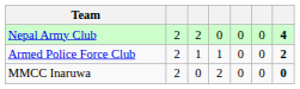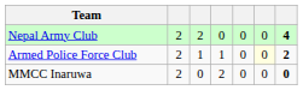 <table class="wikitable" style="text-align:center">
 <tr>
 <th style="width:200px">Team</th>
 <th width="20"></th>
 <th width="20"></th>
 <th width="20"></th>
 <th width="20"></th>
 <th width="20"></th>
 <th width="20"></th>
 </tr>
 <tr style="background:#cfc">
 <td style="text-align:left"><a href='#'>Nepal Army Club</a></td>
 <td>2</td>
 <td>2</td>
 <td>0</td>
 <td>0</td>
 <td>0</td>
 <td><strong>4</strong></td>
 </tr>
 <tr>
 <td style="text-align:left"><a href='#'>Armed Police Force Club</a></td>
 <td>2</td>
 <td>1</td>
 <td>1</td>
 <td>0</td>
-<td>0</td>
+<td style="background: lightyellow;">0</td>
 <td><strong>2</strong></td>
 </tr>
 <tr>
 <td style="text-align:left">MMCC Inaruwa</td>
 <td>2</td>
 <td>0</td>
 <td>2</td>
 <td>0</td>
 <td>0</td>
 <td><strong>0</strong></td>
 </tr>
 </table>
